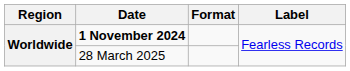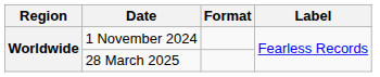 <table class="wikitable plainrowheaders">
 <tr>
 <th scope="col">Region</th>
 <th scope="col">Date</th>
 <th scope="col">Format</th>
 <th scope="col">Label</th>
 </tr>
 <tr>
 <th scope="row" rowspan="2">Worldwide</th>
-<td><strong>1 November 2024</strong></td>
+<td>1 November 2024</td>
 <td></td>
 <td rowspan="3"><a href='#'>Fearless Records</a></td>
 </tr>
 <tr>
 <td rowspan="2">28 March 2025</td>
 <td rowspan="2"></td>
 </tr>
 </table>
